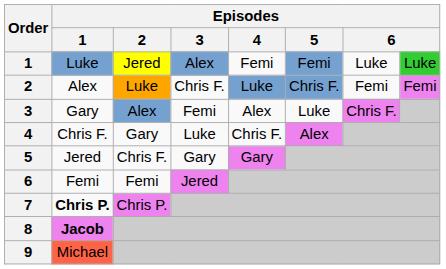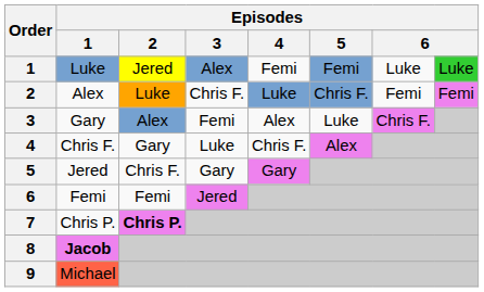 <table class="wikitable" style="text-align:center">
 <tr>
 <th rowspan=2>Order</th>
 <th colspan=7>Episodes</th>
 </tr>
 <tr>
 <th>1</th>
 <th>2</th>
 <th>3</th>
 <th>4</th>
 <th>5</th>
 <th colspan=2>6</th>
 </tr>
 <tr>
 <th>1</th>
 <td bgcolor="#75A1D0">Luke</td>
 <td bgcolor="yellow">Jered</td>
 <td bgcolor="#75A1D0">Alex</td>
 <td>Femi</td>
 <td bgcolor="#75A1D0">Femi</td>
 <td>Luke</td>
 <td bgcolor="limegreen">Luke</td>
 </tr>
 <tr>
 <th>2</th>
 <td>Alex</td>
 <td bgcolor="orange">Luke</td>
 <td>Chris F.</td>
 <td bgcolor="#75A1D0">Luke</td>
 <td bgcolor="#75A1D0">Chris F.</td>
 <td>Femi</td>
 <td bgcolor="violet">Femi</td>
 </tr>
 <tr>
 <th>3</th>
 <td>Gary</td>
 <td bgcolor="#75A1D0">Alex</td>
 <td>Femi</td>
 <td>Alex</td>
 <td>Luke</td>
 <td bgcolor="violet">Chris F.</td>
 <td bgcolor="#CCCCCC"></td>
 </tr>
 <tr>
 <th>4</th>
 <td>Chris F.</td>
 <td>Gary</td>
 <td>Luke</td>
 <td>Chris F.</td>
 <td bgcolor="violet">Alex</td>
 <td bgcolor="#CCCCCC" colspan=2></td>
 </tr>
 <tr>
 <th>5</th>
 <td>Jered</td>
 <td>Chris F.</td>
 <td>Gary</td>
 <td bgcolor="violet">Gary</td>
 <td bgcolor="#CCCCCC" colspan=4></td>
 </tr>
 <tr>
 <th>6</th>
 <td>Femi</td>
 <td>Femi</td>
 <td bgcolor="violet">Jered</td>
 <td bgcolor="#CCCCCC" colspan=5></td>
 </tr>
 <tr>
 <th>7</th>
-<td><strong>Chris P.</strong></td>
-<td bgcolor="violet">Chris P.</td>
+<td>Chris P.</td>
+<td bgcolor="violet"><strong>Chris P.</strong></td>
 <td bgcolor="#CCCCCC" colspan=6></td>
 </tr>
 <tr>
 <th>8</th>
 <td bgcolor="violet"><strong>Jacob</strong></td>
 <td bgcolor="#CCCCCC" colspan=7></td>
 </tr>
 <tr>
 <th>9</th>
 <td bgcolor="tomato">Michael</td>
 <td bgcolor="#CCCCCC" colspan=8></td>
 </tr>
 </table>
